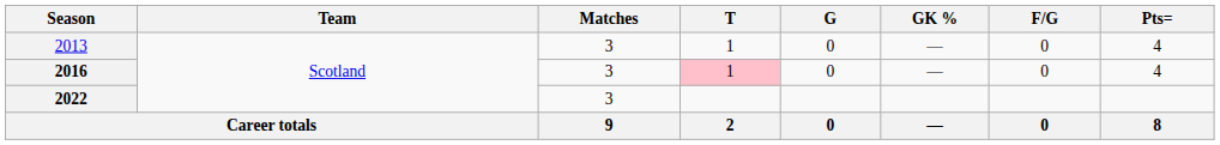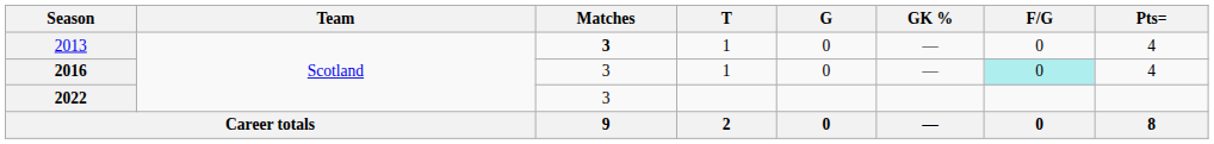 <table class="wikitable sortable"  style="font-size:90%; text-align:center; width:85%;">
 <tr>
 <th width=2%>Season</th>
 <th width=8%>Team</th>
 <th width=2%>Matches</th>
 <th width=2%>T</th>
 <th width=2%>G</th>
 <th width=2%>GK %</th>
 <th width=2%>F/G</th>
 <th width=2%>Pts=</th>
 </tr>
 <tr>
 <th scope="row" style="text-align:center; font-weight:normal"><a href='#'>2013</a></th>
 <td rowspan="3" style="text-align:center;"> <a href='#'>Scotland</a></td>
-<td>3</td>
+<td><strong>3</strong></td>
 <td>1</td>
 <td>0</td>
 <td>—</td>
 <td>0</td>
 <td>4</td>
 </tr>
 <tr>
 <th>2016</th>
 <td>3</td>
-<td style="background: pink;">1</td>
+<td>1</td>
 <td>0</td>
 <td>—</td>
-<td>0</td>
+<td style="background: paleturquoise;">0</td>
 <td>4</td>
 </tr>
 <tr>
 <th>2022</th>
 <td>3</td>
 <td></td>
 <td></td>
 <td></td>
 <td></td>
 <td></td>
 </tr>
 <tr class="sortbottom">
 <th colspan="2">Career totals</th>
 <th>9</th>
 <th>2</th>
 <th>0</th>
 <th>—</th>
 <th>0</th>
 <th>8</th>
 </tr>
 </table>
